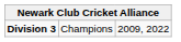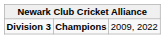 <table class="wikitable" style="font-size:85%">
 <tr>
 <td colspan=3; bgcolor="#f0f0f0"; style="text-align: center; font-weight: bold;">Newark Club Cricket Alliance</td>
 </tr>
 <tr>
 <td style="text-align: center; font-weight: bold;">Division 3</td>
-<td style="text-align: center;">Champions</td>
+<td style="text-align: center;"><strong>Champions</strong></td>
 <td style="text-align: left;">2009, 2022</td>
 </tr>
 </table>
